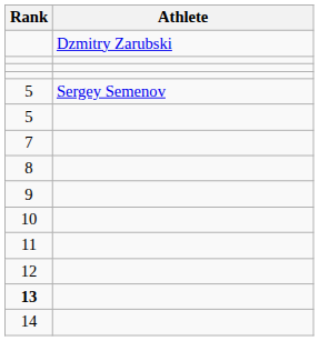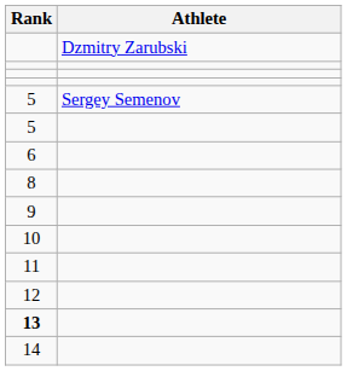 <table class="wikitable" style="text-align: center;">
 <tr>
 <th width=40>Rank</th>
 <th width=250>Athlete</th>
 </tr>
 <tr>
 <td></td>
 <td align="left"> <a href='#'>Dzmitry Zarubski</a> </td>
 </tr>
 <tr>
 <td></td>
 <td align="left"></td>
 </tr>
 <tr>
 <td></td>
 <td align="left"></td>
 </tr>
 <tr>
 <td></td>
 <td align="left"></td>
 </tr>
 <tr>
 <td>5</td>
 <td align="left"> <a href='#'>Sergey Semenov</a> </td>
 </tr>
 <tr>
 <td>5</td>
 <td align="left"></td>
 </tr>
 <tr>
-<td>7</td>
+<td>6</td>
 <td align="left"></td>
 </tr>
 <tr>
 <td>8</td>
 <td align="left"></td>
 </tr>
 <tr>
 <td>9</td>
 <td align="left"></td>
 </tr>
 <tr>
 <td>10</td>
 <td align="left"></td>
 </tr>
 <tr>
 <td>11</td>
 <td align="left"></td>
 </tr>
 <tr>
 <td>12</td>
 <td align="left"></td>
 </tr>
 <tr>
 <td><strong>13</strong></td>
 <td align="left"></td>
 </tr>
 <tr>
 <td>14</td>
 <td align="left"></td>
 </tr>
 </table>
